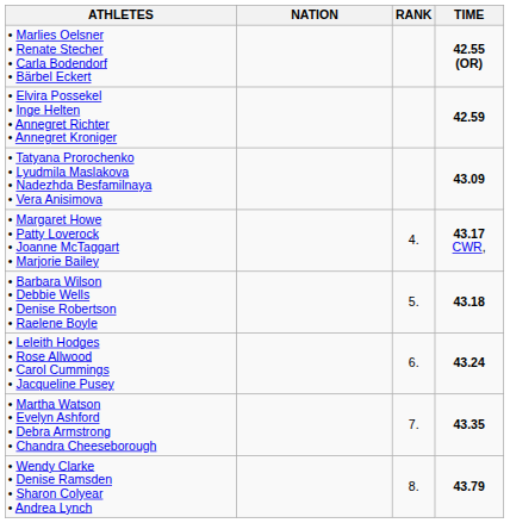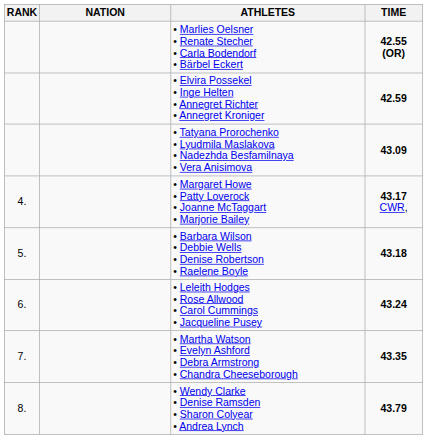 <table class="wikitable" style="border-collapse: collapse; font-size: 90%;">
 <tr>
+<th>RANK</th>
+<th style="width: 12em">NATION</th>
 <th style="width: 18em">ATHLETES</th>
-<th style="width: 12em">NATION</th>
-<th>RANK</th>
 <th style="width: 5em">TIME</th>
 </tr>
 <tr>
-<td>• <a href='#'>Marlies Oelsner</a><br>• <a href='#'>Renate Stecher</a><br>• <a href='#'>Carla Bodendorf</a><br>• <a href='#'>Bärbel Eckert</a></td>
 <td align="center"></td>
 <td align="center"></td>
+<td>• <a href='#'>Marlies Oelsner</a><br>• <a href='#'>Renate Stecher</a><br>• <a href='#'>Carla Bodendorf</a><br>• <a href='#'>Bärbel Eckert</a></td>
 <td align="center"><strong>42.55</strong><br> <strong>(OR)</strong></td>
 </tr>
 <tr>
-<td>• <a href='#'>Elvira Possekel</a><br>• <a href='#'>Inge Helten</a><br>• <a href='#'>Annegret Richter</a><br>• <a href='#'>Annegret Kroniger</a></td>
 <td align="center"></td>
 <td align="center"></td>
+<td>• <a href='#'>Elvira Possekel</a><br>• <a href='#'>Inge Helten</a><br>• <a href='#'>Annegret Richter</a><br>• <a href='#'>Annegret Kroniger</a></td>
 <td align="center"><strong>42.59</strong></td>
 </tr>
 <tr>
-<td>• <a href='#'>Tatyana Prorochenko</a><br>• <a href='#'>Lyudmila Maslakova</a><br>• <a href='#'>Nadezhda Besfamilnaya</a><br>• <a href='#'>Vera Anisimova</a></td>
 <td align="center"></td>
 <td align="center"></td>
+<td>• <a href='#'>Tatyana Prorochenko</a><br>• <a href='#'>Lyudmila Maslakova</a><br>• <a href='#'>Nadezhda Besfamilnaya</a><br>• <a href='#'>Vera Anisimova</a></td>
 <td align="center"><strong>43.09</strong></td>
 </tr>
 <tr>
+<td align="center">4.</td>
+<td align="center"></td>
 <td>• <a href='#'>Margaret Howe</a><br>• <a href='#'>Patty Loverock</a><br>• <a href='#'>Joanne McTaggart</a><br>• <a href='#'>Marjorie Bailey</a></td>
-<td align="center"></td>
-<td align="center">4.</td>
 <td align="center"><strong>43.17</strong> <a href='#'>CWR</a>, </td>
 </tr>
 <tr>
+<td align="center">5.</td>
+<td align="center"></td>
 <td>• <a href='#'>Barbara Wilson</a><br>• <a href='#'>Debbie Wells</a><br>• <a href='#'>Denise Robertson</a><br>• <a href='#'>Raelene Boyle</a></td>
-<td align="center"></td>
-<td align="center">5.</td>
 <td align="center"><strong>43.18</strong>  </td>
 </tr>
 <tr>
+<td align="center">6.</td>
+<td align="center"></td>
 <td>• <a href='#'>Leleith Hodges</a><br>• <a href='#'>Rose Allwood</a><br>• <a href='#'>Carol Cummings</a><br>• <a href='#'>Jacqueline Pusey</a></td>
-<td align="center"></td>
-<td align="center">6.</td>
 <td align="center"><strong>43.24</strong></td>
 </tr>
 <tr>
+<td align="center">7.</td>
+<td align="center"></td>
 <td>• <a href='#'>Martha Watson</a><br>• <a href='#'>Evelyn Ashford</a><br>• <a href='#'>Debra Armstrong</a><br>• <a href='#'>Chandra Cheeseborough</a></td>
-<td align="center"></td>
-<td align="center">7.</td>
 <td align="center"><strong>43.35</strong></td>
 </tr>
 <tr>
+<td align="center">8.</td>
+<td align="center"></td>
 <td>• <a href='#'>Wendy Clarke</a><br>• <a href='#'>Denise Ramsden</a><br>• <a href='#'>Sharon Colyear</a><br>• <a href='#'>Andrea Lynch</a></td>
-<td align="center"></td>
-<td align="center">8.</td>
 <td align="center"><strong>43.79</strong></td>
 </tr>
 </table>
